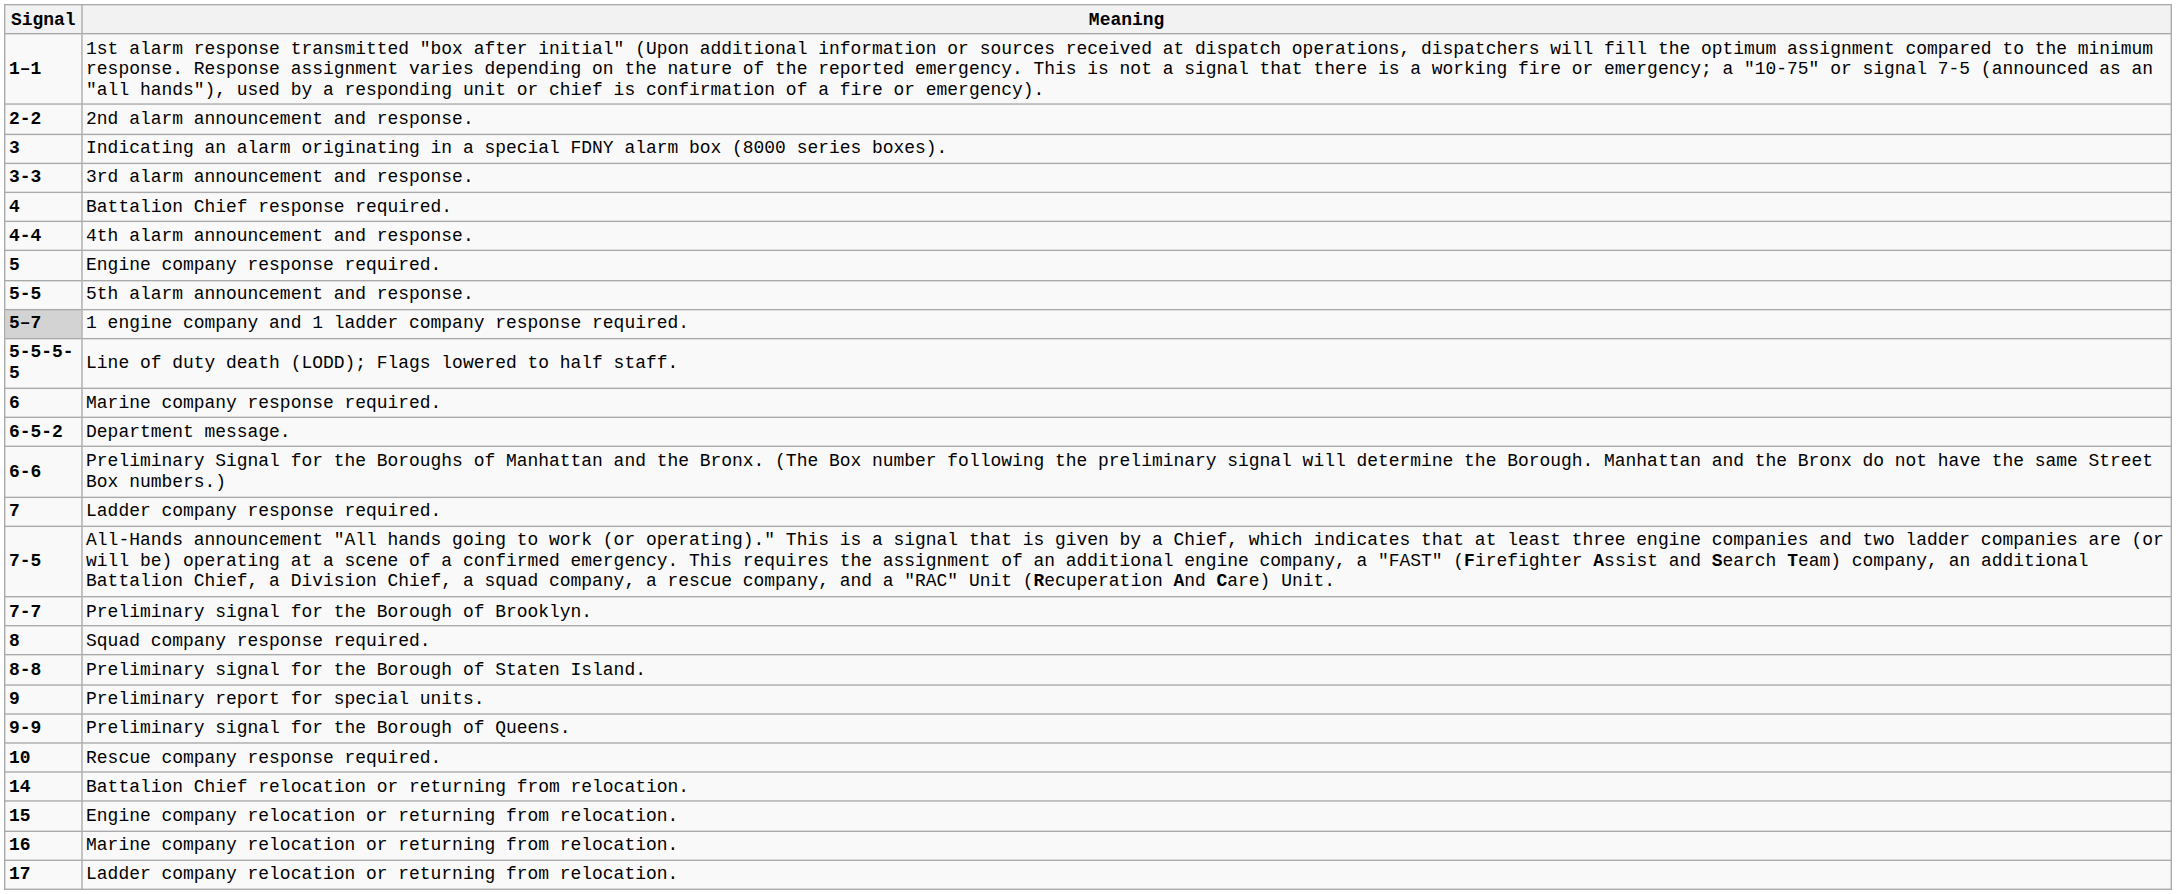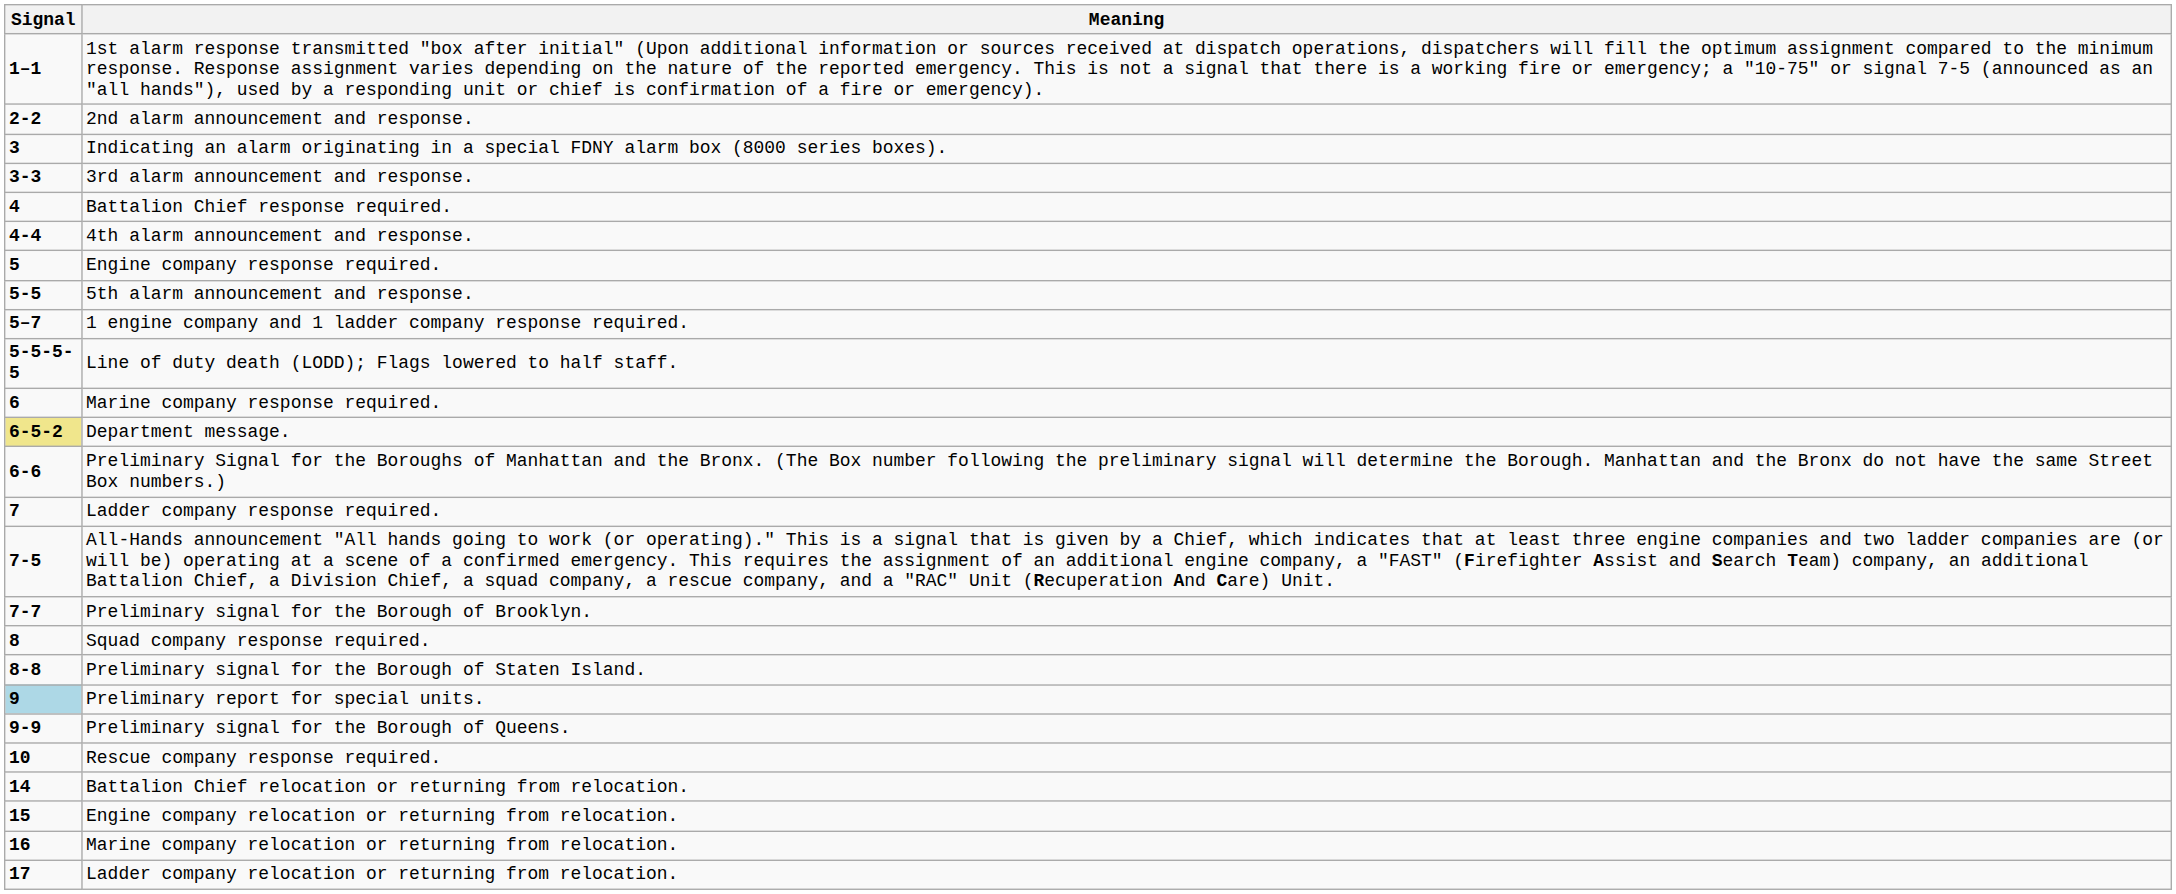 <table class="wikitable">
 <tr valign="bottom">
 <th>Signal</th>
 <th>Meaning</th>
 </tr>
 <tr>
 <td><strong>1–1</strong></td>
 <td>1st alarm response transmitted "box after initial" (Upon additional information or sources received at dispatch operations, dispatchers will fill the optimum assignment compared to the minimum response. Response assignment varies depending on the nature of the reported emergency. This is not a signal that there is a working fire or emergency; a "10-75" or signal 7-5 (announced as an "all hands"), used by a responding unit or chief is confirmation of a fire or emergency).</td>
 </tr>
 <tr>
 <td><strong>2-2</strong></td>
 <td>2nd alarm announcement and response.</td>
 </tr>
 <tr>
 <td><strong>3</strong></td>
 <td>Indicating an alarm originating in a special FDNY alarm box (8000 series boxes).</td>
 </tr>
 <tr>
 <td><strong>3-3</strong></td>
 <td>3rd alarm announcement and response.</td>
 </tr>
 <tr>
 <td><strong>4</strong></td>
 <td>Battalion Chief response required.</td>
 </tr>
 <tr>
 <td><strong>4-4</strong></td>
 <td>4th alarm announcement and response.</td>
 </tr>
 <tr>
 <td><strong>5</strong></td>
 <td>Engine company response required.</td>
 </tr>
 <tr>
 <td><strong>5-5</strong></td>
 <td>5th alarm announcement and response.</td>
 </tr>
 <tr>
-<td style="background: lightgrey;"><strong>5–7</strong></td>
+<td><strong>5–7</strong></td>
 <td>1 engine company and 1 ladder company response required.</td>
 </tr>
 <tr>
 <td><strong>5-5-5-5</strong></td>
 <td>Line of duty death (LODD); Flags lowered to half staff.</td>
 </tr>
 <tr>
 <td><strong>6</strong></td>
 <td>Marine company response required.</td>
 </tr>
 <tr>
-<td><strong>6-5-2</strong></td>
+<td style="background: khaki;"><strong>6-5-2</strong></td>
 <td>Department message.</td>
 </tr>
 <tr>
 <td><strong>6-6</strong></td>
 <td>Preliminary Signal for the Boroughs of Manhattan and the Bronx. (The Box number following the preliminary signal will determine the Borough. Manhattan and the Bronx do not have the same Street Box numbers.)</td>
 </tr>
 <tr>
 <td><strong>7</strong></td>
 <td>Ladder company response required.</td>
 </tr>
 <tr>
 <td><strong>7-5</strong></td>
 <td>All-Hands announcement "All hands going to work (or operating)." This is a signal that is given by a Chief, which indicates that at least three engine companies and two ladder companies are (or will be) operating at a scene of a confirmed emergency. This requires the assignment of an additional engine company, a "FAST" (<strong>F</strong>irefighter <strong>A</strong>ssist and <strong>S</strong>earch <strong>T</strong>eam) company, an additional Battalion Chief, a Division Chief, a squad company, a rescue company, and a "RAC" Unit (<strong>R</strong>ecuperation <strong>A</strong>nd <strong>C</strong>are) Unit.</td>
 </tr>
 <tr>
 <td><strong>7-7</strong></td>
 <td>Preliminary signal for the Borough of Brooklyn.</td>
 </tr>
 <tr>
 <td><strong>8</strong></td>
 <td>Squad company response required.</td>
 </tr>
 <tr>
 <td><strong>8-8</strong></td>
 <td>Preliminary signal for the Borough of Staten Island.</td>
 </tr>
 <tr>
-<td><strong>9</strong></td>
+<td style="background: lightblue;"><strong>9</strong></td>
 <td>Preliminary report for special units.</td>
 </tr>
 <tr>
 <td><strong>9-9</strong></td>
 <td>Preliminary signal for the Borough of Queens.</td>
 </tr>
 <tr>
 <td><strong>10</strong></td>
 <td>Rescue company response required.</td>
 </tr>
 <tr>
 <td><strong>14</strong></td>
 <td>Battalion Chief relocation or returning from relocation.</td>
 </tr>
 <tr>
 <td><strong>15</strong></td>
 <td>Engine company relocation or returning from relocation.</td>
 </tr>
 <tr>
 <td><strong>16</strong></td>
 <td>Marine company relocation or returning from relocation.</td>
 </tr>
 <tr>
 <td><strong>17</strong></td>
 <td>Ladder company relocation or returning from relocation.</td>
 </tr>
 </table>
